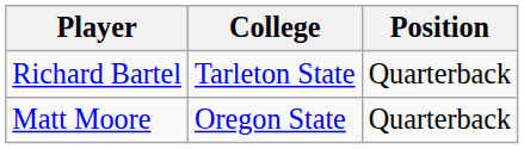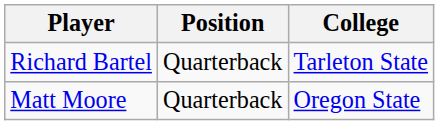 <table class="wikitable">
 <tr>
 <th>Player</th>
+<th>Position</th>
 <th>College</th>
-<th>Position</th>
 </tr>
 <tr>
 <td><a href='#'>Richard Bartel</a></td>
+<td>Quarterback</td>
 <td><a href='#'>Tarleton State</a></td>
-<td>Quarterback</td>
 </tr>
 <tr>
 <td><a href='#'>Matt Moore</a></td>
+<td>Quarterback</td>
 <td><a href='#'>Oregon State</a></td>
-<td>Quarterback</td>
 </tr>
 </table>
